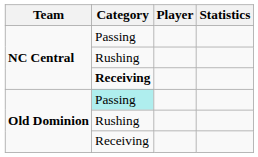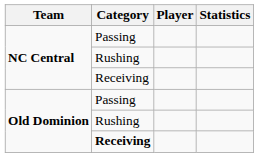 <table class="wikitable" style="float: right;">
 <tr>
 <th>Team</th>
 <th>Category</th>
 <th>Player</th>
 <th>Statistics</th>
 </tr>
 <tr>
 <td rowspan=3><strong>NC Central</strong></td>
 <td>Passing</td>
 <td></td>
 <td></td>
 </tr>
 <tr>
 <td>Rushing</td>
 <td></td>
 <td></td>
 </tr>
 <tr>
-<td><strong>Receiving</strong></td>
+<td>Receiving</td>
 <td></td>
 <td></td>
 </tr>
 <tr>
 <td rowspan=3><strong>Old Dominion</strong></td>
-<td style="background: paleturquoise;">Passing</td>
+<td>Passing</td>
 <td></td>
 <td></td>
 </tr>
 <tr>
 <td>Rushing</td>
 <td></td>
 <td></td>
 </tr>
 <tr>
-<td>Receiving</td>
+<td><strong>Receiving</strong></td>
 <td></td>
 <td></td>
 </tr>
 </table>
